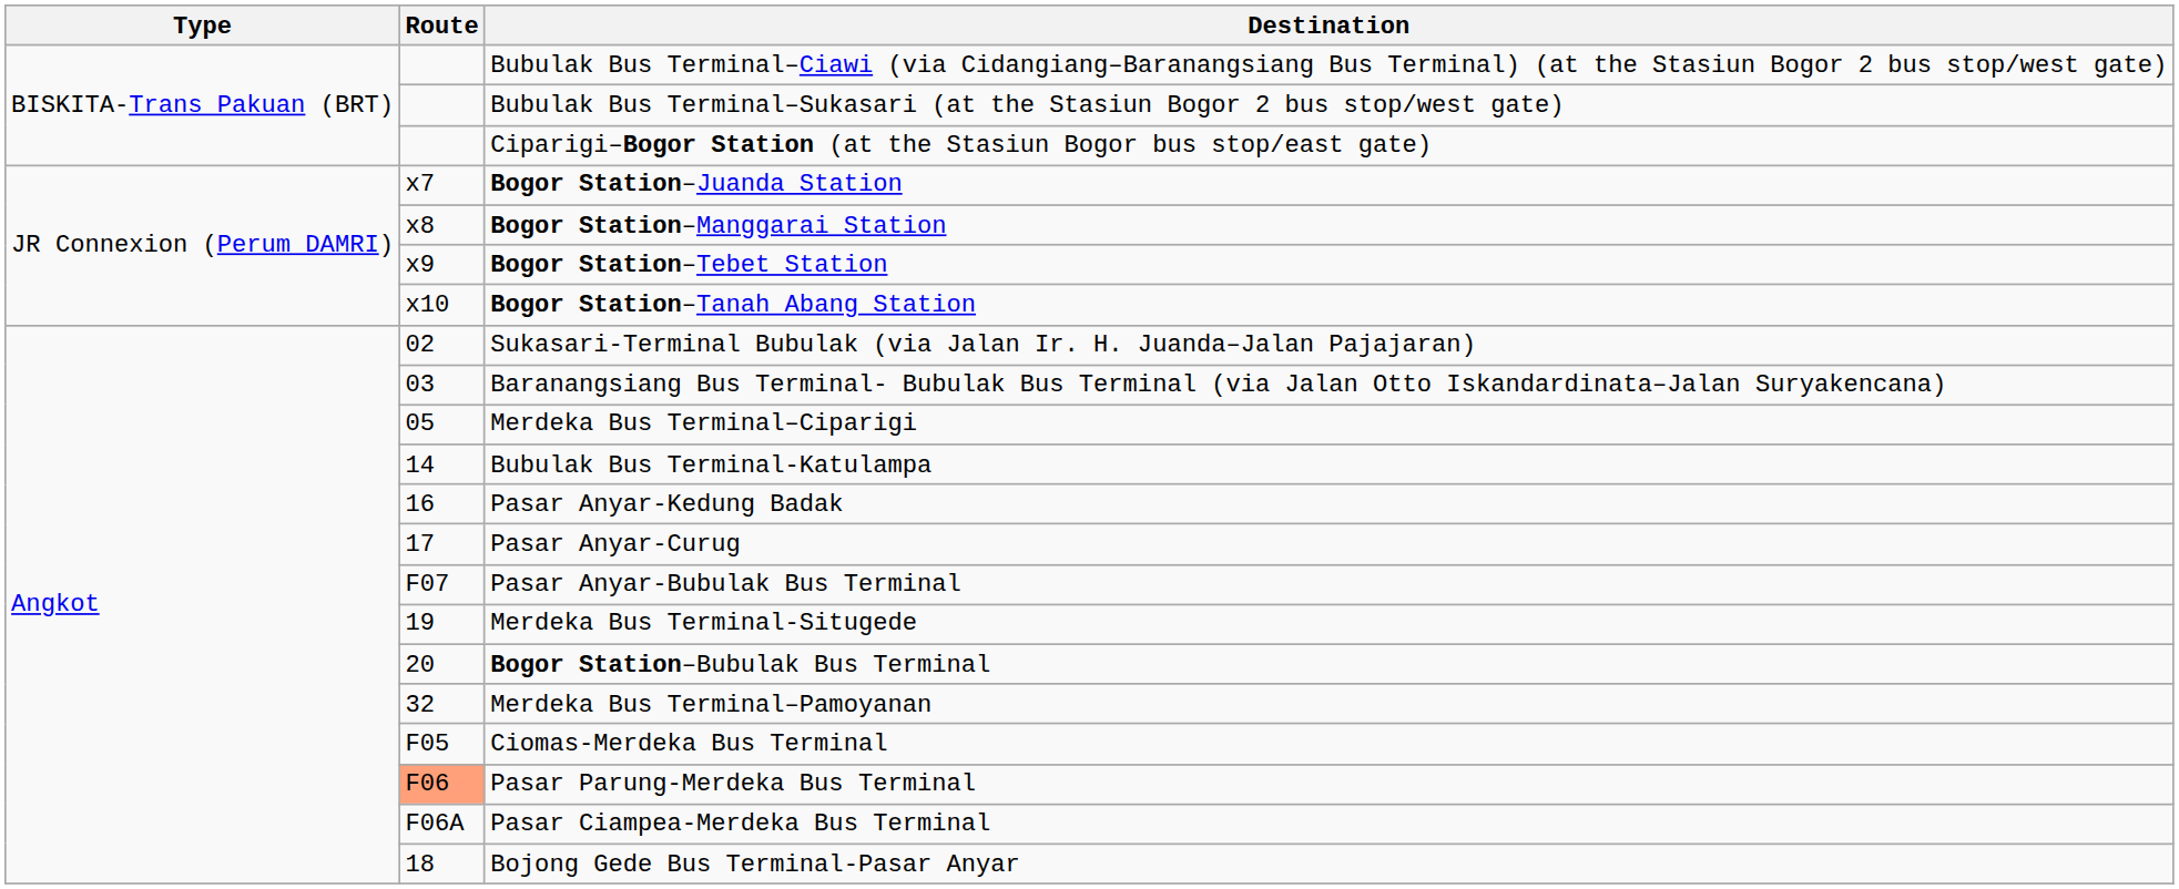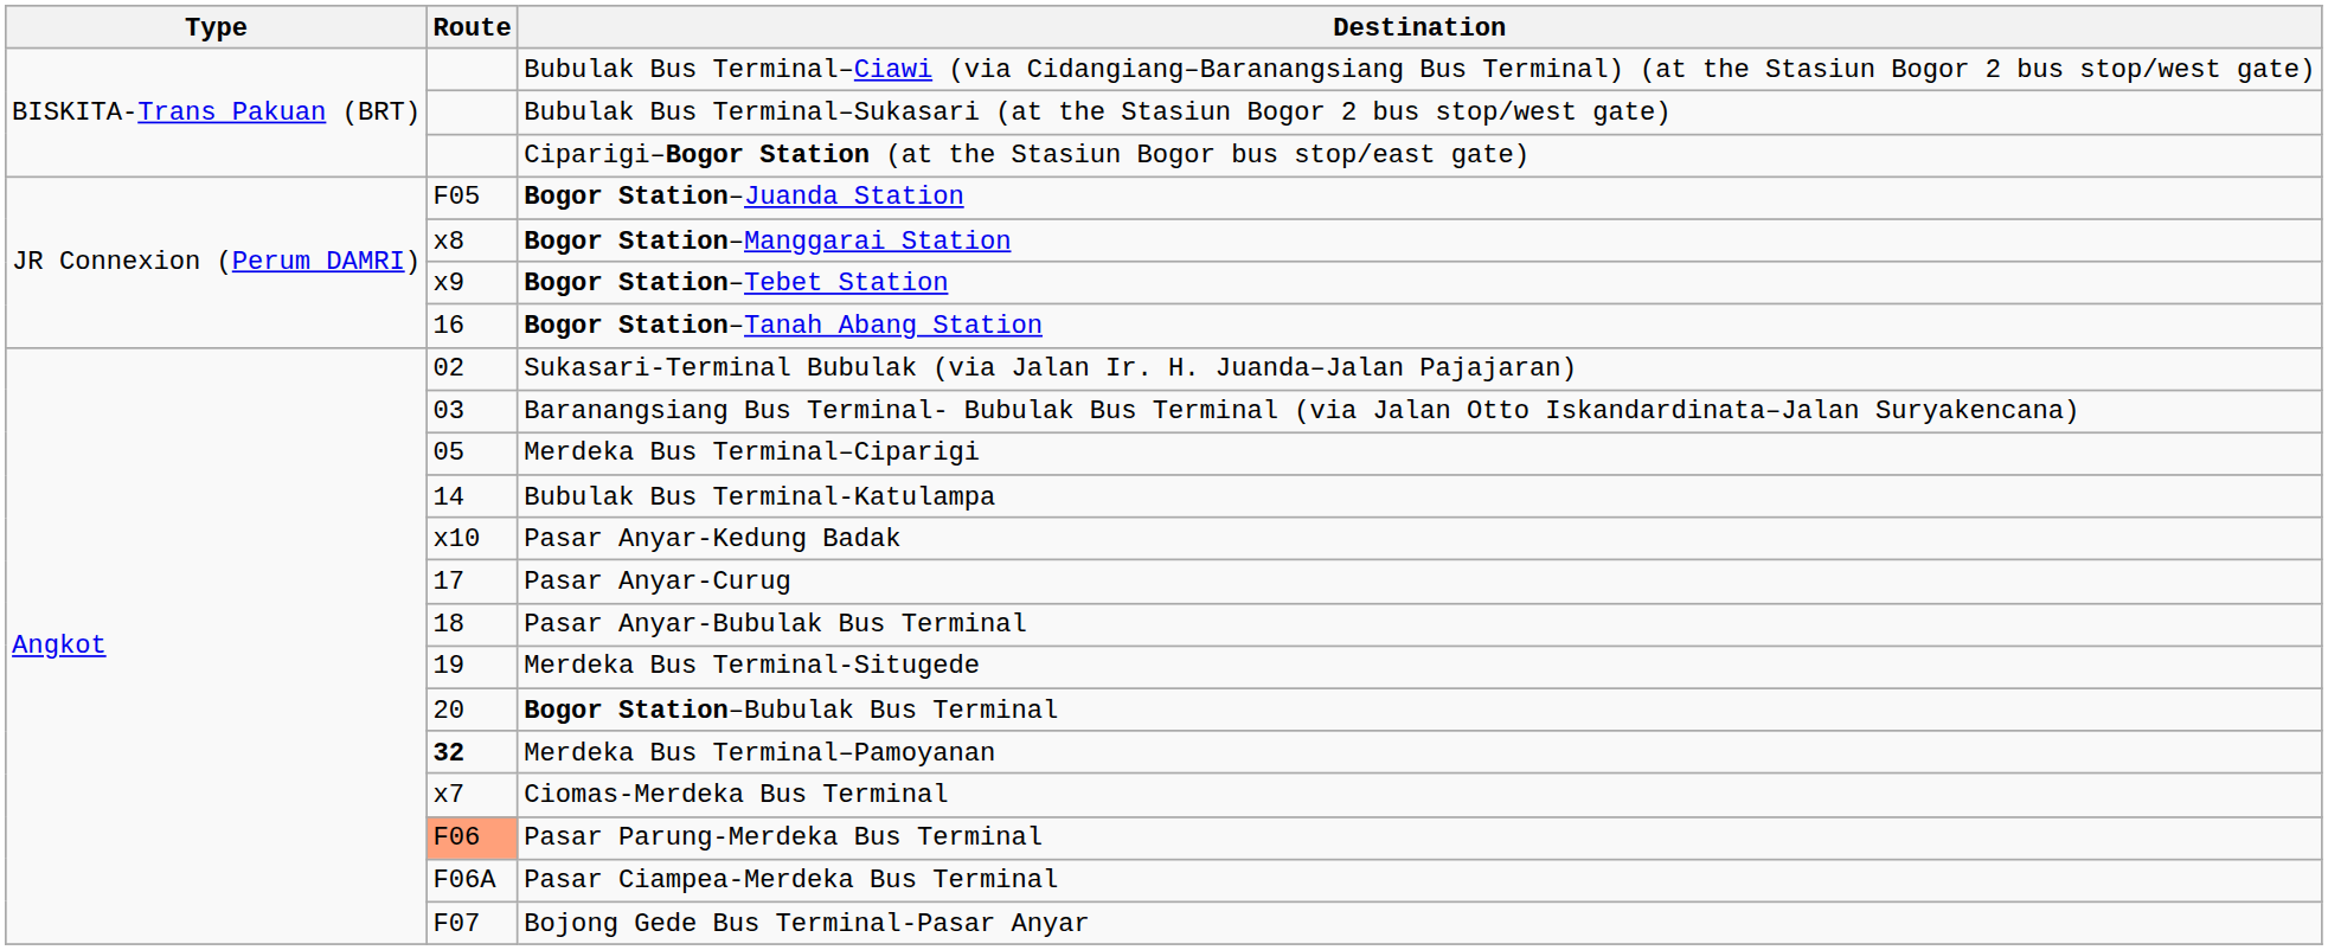 <table class="wikitable">
 <tr>
 <th>Type</th>
 <th>Route</th>
 <th>Destination</th>
 </tr>
 <tr>
 <td rowspan="3">BISKITA-<a href='#'>Trans Pakuan</a> (BRT)</td>
 <td></td>
 <td>Bubulak Bus Terminal–<a href='#'>Ciawi</a> (via Cidangiang–Baranangsiang Bus Terminal) (at the Stasiun Bogor 2 bus stop/west gate)</td>
 </tr>
 <tr>
 <td></td>
 <td>Bubulak Bus Terminal–Sukasari (at the Stasiun Bogor 2 bus stop/west gate)</td>
 </tr>
 <tr>
 <td></td>
 <td>Ciparigi–<strong>Bogor Station</strong> (at the Stasiun Bogor bus stop/east gate)</td>
 </tr>
 <tr>
 <td rowspan="4">JR Connexion (<a href='#'>Perum DAMRI</a>)</td>
-<td>x7</td>
+<td>F05</td>
 <td><strong>Bogor Station</strong>–<a href='#'>Juanda Station</a></td>
 </tr>
 <tr>
 <td>x8</td>
 <td><strong>Bogor Station</strong>–<a href='#'>Manggarai Station</a></td>
 </tr>
 <tr>
 <td>x9</td>
 <td><strong>Bogor Station</strong>–<a href='#'>Tebet Station</a></td>
 </tr>
 <tr>
-<td>x10</td>
+<td>16</td>
 <td><strong>Bogor Station</strong>–<a href='#'>Tanah Abang Station</a></td>
 </tr>
 <tr>
 <td rowspan="14"><a href='#'>Angkot</a></td>
 <td>02</td>
 <td>Sukasari-Terminal Bubulak (via Jalan Ir. H. Juanda–Jalan Pajajaran)</td>
 </tr>
 <tr>
 <td>03</td>
 <td>Baranangsiang Bus Terminal- Bubulak Bus Terminal (via Jalan Otto Iskandardinata–Jalan Suryakencana)</td>
 </tr>
 <tr>
 <td>05</td>
 <td>Merdeka Bus Terminal–Ciparigi</td>
 </tr>
 <tr>
 <td>14</td>
 <td>Bubulak Bus Terminal-Katulampa</td>
 </tr>
 <tr>
-<td>16</td>
+<td>x10</td>
 <td>Pasar Anyar-Kedung Badak</td>
 </tr>
 <tr>
 <td>17</td>
 <td>Pasar Anyar-Curug</td>
 </tr>
 <tr>
-<td>F07</td>
+<td>18</td>
 <td>Pasar Anyar-Bubulak Bus Terminal</td>
 </tr>
 <tr>
 <td>19</td>
 <td>Merdeka Bus Terminal-Situgede</td>
 </tr>
 <tr>
 <td>20</td>
 <td><strong>Bogor Station</strong>–Bubulak Bus Terminal</td>
 </tr>
 <tr>
-<td>32</td>
+<td><strong>32</strong></td>
 <td>Merdeka Bus Terminal–Pamoyanan</td>
 </tr>
 <tr>
-<td>F05</td>
+<td>x7</td>
 <td>Ciomas-Merdeka Bus Terminal</td>
 </tr>
 <tr>
 <td style="background: lightsalmon;">F06</td>
 <td>Pasar Parung-Merdeka Bus Terminal</td>
 </tr>
 <tr>
 <td>F06A</td>
 <td>Pasar Ciampea-Merdeka Bus Terminal</td>
 </tr>
 <tr>
-<td>18</td>
+<td>F07</td>
 <td>Bojong Gede Bus Terminal-Pasar Anyar</td>
 </tr>
 </table>
